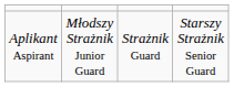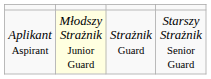 <table class=wikitable width=20% cellpadding=3px>
 <tr>
 <td align=center width=10%></td>
 <td align=center width=10%></td>
 <td align=center width=10%></td>
 <td align=center width=10%></td>
 </tr>
 <tr>
 <td align=center><em>Aplikant</em> <br><small>Aspirant</small></td>
-<td align=center><em>Młodszy Strażnik</em> <br><small>Junior Guard</small></td>
+<td align=center style="background: lightyellow;"><em>Młodszy Strażnik</em> <br><small>Junior Guard</small></td>
 <td align=center><em>Strażnik</em><br><small>Guard</small></td>
 <td align=center><em>Starszy Strażnik</em> <br><small>Senior Guard</small></td>
 </tr>
 </table>
